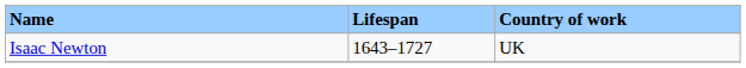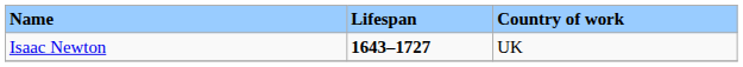 <table class="wikitable" style="width:75%; background:light blue; color:black">
 <tr>
 <td width="35%" bgcolor="#99ccff"><strong>Name</strong></td>
 <td width="15%" bgcolor="#99ccff"><strong> Lifespan</strong></td>
 <td width="25%" bgcolor="#99ccff"><strong> Country of work </strong></td>
 </tr>
 <tr>
 <td><a href='#'>Isaac Newton</a></td>
-<td>1643–1727</td>
+<td><strong>1643–1727</strong></td>
 <td>UK</td>
 </tr>
 <tr>
 </tr>
 </table>
